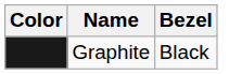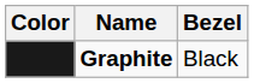 <table class="wikitable">
 <tr>
 <th>Color</th>
 <th>Name</th>
 <th>Bezel </th>
 </tr>
 <tr>
 <td bgcolor="191919"></td>
-<td>Graphite</td>
+<td><strong>Graphite</strong></td>
 <td rowspan="3">Black</td>
 </tr>
 </table>
